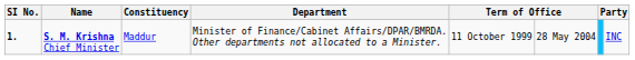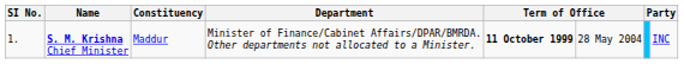 <table class="wikitable">
 <tr>
 <th>SI No.</th>
 <th>Name</th>
 <th>Constituency</th>
 <th>Department</th>
 <th colspan="2">Term of Office</th>
 <th colspan="2">Party</th>
 </tr>
 <tr>
-<td><strong>1.</strong></td>
+<td>1.</td>
 <td><br><strong><a href='#'>S. M. Krishna</a></strong><br><a href='#'>Chief Minister</a></td>
 <td><a href='#'>Maddur</a></td>
 <td>Minister of Finance/Cabinet Affairs/DPAR/BMRDA. <br><em>Other departments not allocated to a Minister.</em></td>
-<td>11 October 1999</td>
+<td><strong>11 October 1999</strong></td>
 <td>28 May 2004</td>
 <td bgcolor="#00BFFF"></td>
 <td><a href='#'>INC</a></td>
 </tr>
 </table>
